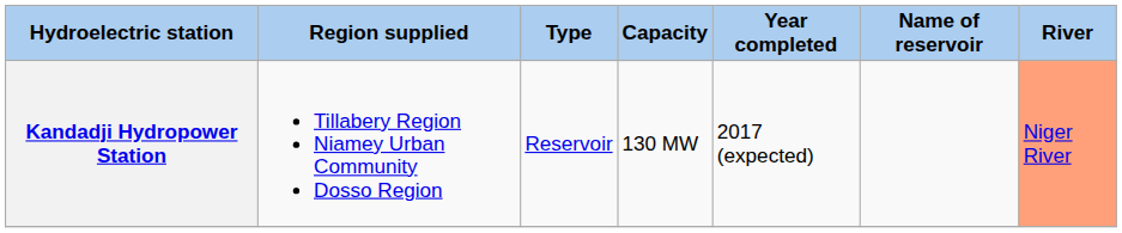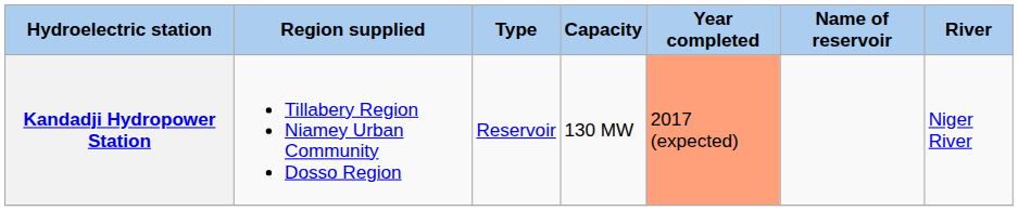 <table class="wikitable">
 <tr>
 <th style="background-color:#ABCDEF;">Hydroelectric station</th>
 <th style="background-color:#ABCDEF;">Region supplied</th>
 <th style="background-color:#ABCDEF;">Type</th>
 <th style="background-color:#ABCDEF;">Capacity</th>
 <th style="background-color:#ABCDEF;">Year completed</th>
 <th style="background-color:#ABCDEF;">Name of reservoir</th>
 <th style="background-color:#ABCDEF;">River</th>
 </tr>
 <tr>
 <th><a href='#'>Kandadji Hydropower Station</a></th>
 <td><br><ul><li><a href='#'>Tillabery Region</a></li><li><a href='#'>Niamey Urban Community</a></li><li><a href='#'>Dosso Region</a></li></ul></td>
 <td><a href='#'>Reservoir</a></td>
 <td>130 MW</td>
-<td>2017 (expected)</td>
+<td style="background: lightsalmon;">2017 (expected)</td>
 <td></td>
-<td style="background: lightsalmon;"><a href='#'>Niger River</a></td>
+<td><a href='#'>Niger River</a></td>
 </tr>
 <tr>
 </tr>
 </table>
